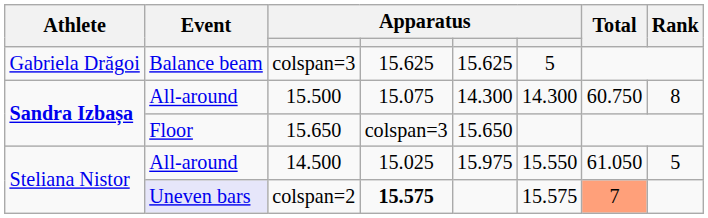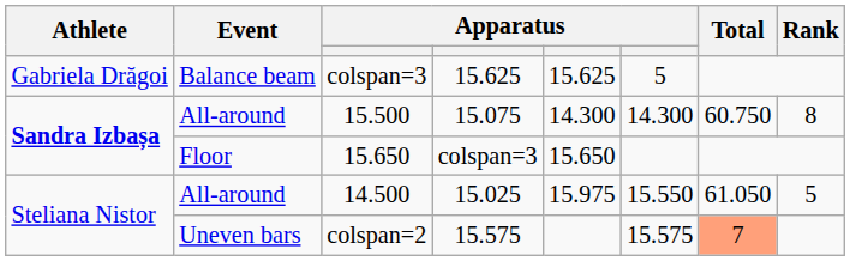 <table class="wikitable" style="font-size:90%">
 <tr>
 <th rowspan=2>Athlete</th>
 <th rowspan=2>Event</th>
 <th colspan =4>Apparatus</th>
 <th rowspan=2>Total</th>
 <th rowspan=2>Rank</th>
 </tr>
 <tr style="font-size:95%">
 <th></th>
 <th></th>
 <th></th>
 <th></th>
 </tr>
 <tr align=center>
 <td align=left><a href='#'>Gabriela Drăgoi</a></td>
 <td align=left><a href='#'>Balance beam</a></td>
 <td>colspan=3 </td>
 <td>15.625</td>
 <td>15.625</td>
 <td>5</td>
 </tr>
 <tr align=center>
 <td align=left rowspan=2><strong><a href='#'>Sandra Izbașa</a></strong></td>
 <td align=left><a href='#'>All-around</a></td>
 <td>15.500</td>
 <td>15.075</td>
 <td>14.300</td>
 <td>14.300</td>
 <td>60.750</td>
 <td>8</td>
 </tr>
 <tr align=center>
 <td align=left><a href='#'>Floor</a></td>
 <td>15.650</td>
 <td>colspan=3 </td>
 <td>15.650</td>
 <td></td>
 </tr>
 <tr align=center>
 <td align=left rowspan=2><a href='#'>Steliana Nistor</a></td>
 <td align=left><a href='#'>All-around</a></td>
 <td>14.500</td>
 <td>15.025</td>
 <td>15.975</td>
 <td>15.550</td>
 <td>61.050</td>
 <td>5</td>
 </tr>
 <tr align=center>
-<td align=left style="background: lavender;"><a href='#'>Uneven bars</a></td>
+<td align=left><a href='#'>Uneven bars</a></td>
 <td>colspan=2 </td>
-<td><strong>15.575</strong></td>
+<td>15.575</td>
 <td></td>
 <td>15.575</td>
 <td style="background: lightsalmon;">7</td>
 </tr>
 </table>
